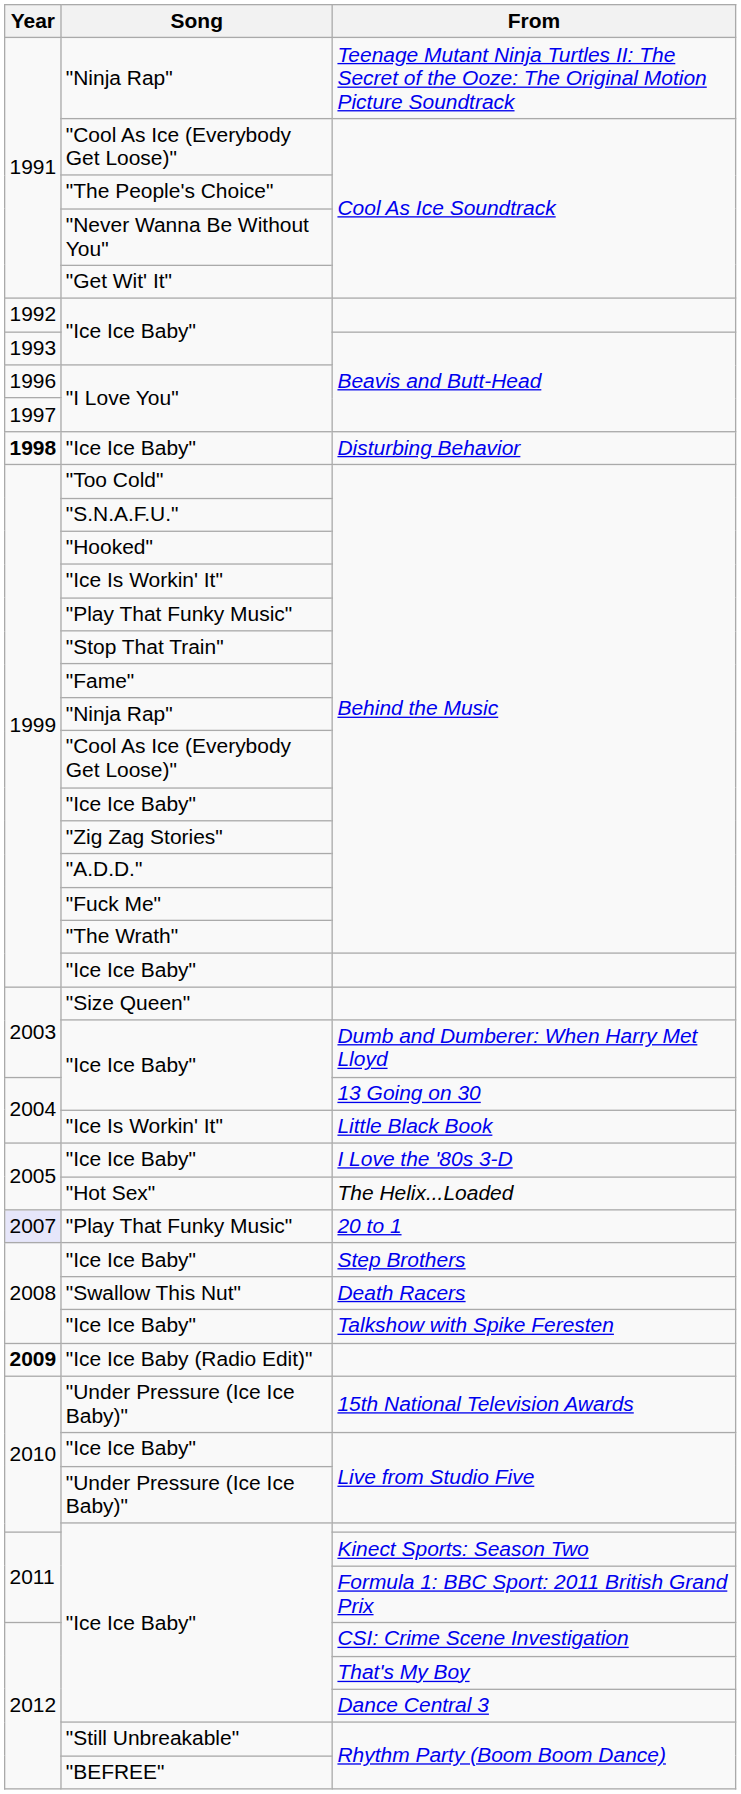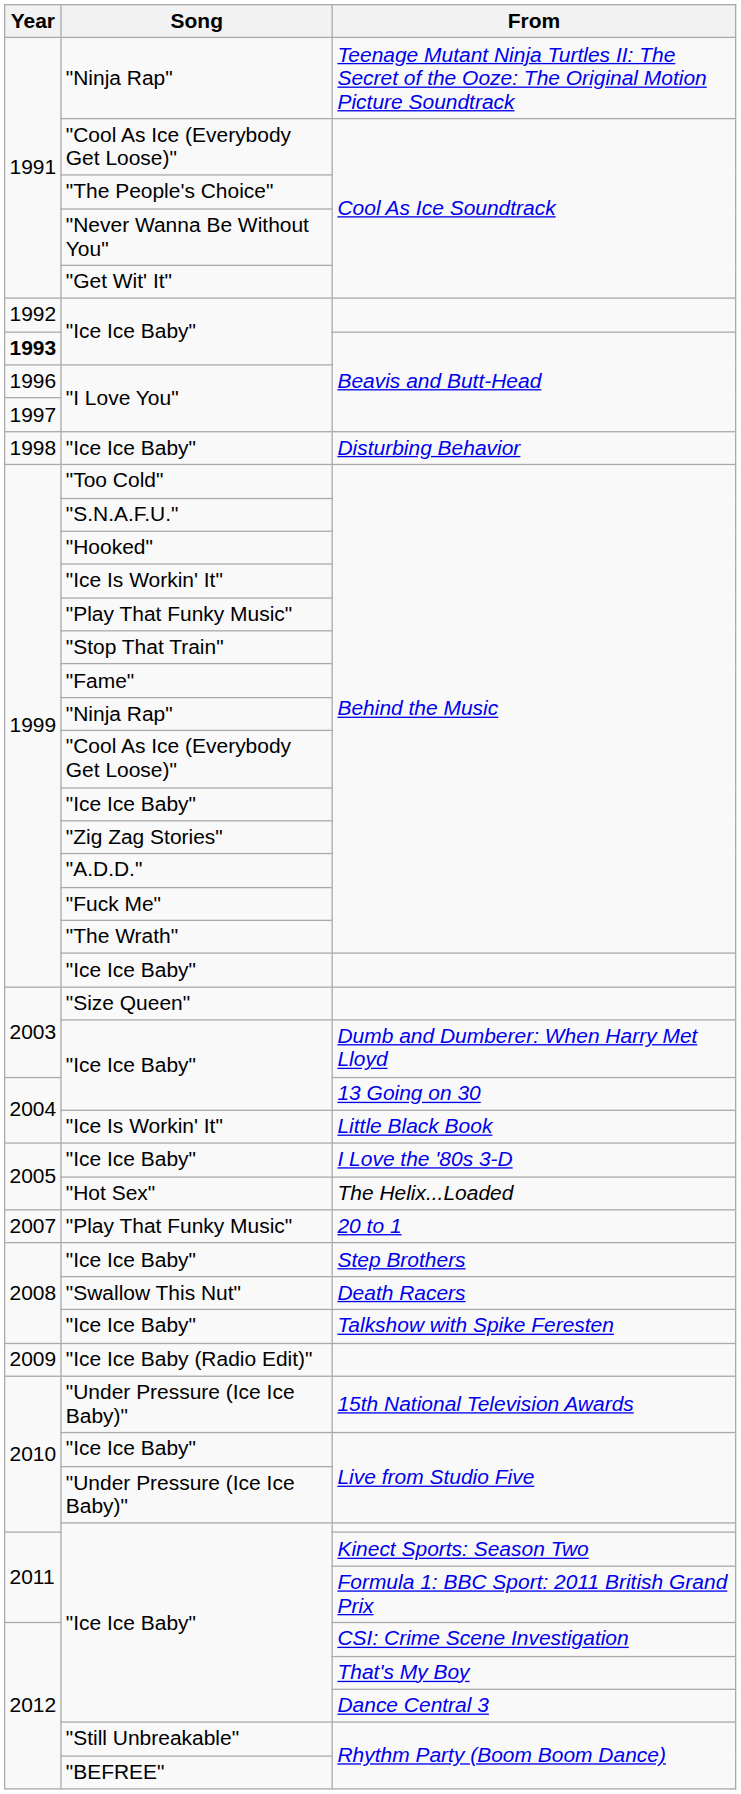 <table class="wikitable">
 <tr>
 <th width="33">Year</th>
 <th width="200">Song</th>
 <th width="300">From</th>
 </tr>
 <tr>
 <td rowspan="5">1991</td>
 <td>"Ninja Rap"</td>
 <td><em><a href='#'>Teenage Mutant Ninja Turtles II: The Secret of the Ooze: The Original Motion Picture Soundtrack</a></em></td>
 </tr>
 <tr>
 <td>"Cool As Ice (Everybody Get Loose)"</td>
 <td rowspan="4"><em><a href='#'>Cool As Ice Soundtrack</a></em></td>
 </tr>
 <tr>
 <td>"The People's Choice"</td>
 </tr>
 <tr>
 <td>"Never Wanna Be Without You"</td>
 </tr>
 <tr>
 <td>"Get Wit' It"</td>
 </tr>
 <tr>
 <td>1992</td>
 <td rowspan="2">"Ice Ice Baby"</td>
 <td><em></em></td>
 </tr>
 <tr>
-<td>1993</td>
+<td><strong>1993</strong></td>
 <td rowspan="3"><em><a href='#'>Beavis and Butt-Head</a></em></td>
 </tr>
 <tr>
 <td>1996</td>
 <td rowspan="2">"I Love You"</td>
 </tr>
 <tr>
 <td>1997</td>
 </tr>
 <tr>
-<td><strong>1998</strong></td>
+<td>1998</td>
 <td>"Ice Ice Baby"</td>
 <td><em><a href='#'>Disturbing Behavior</a></em></td>
 </tr>
 <tr>
 <td rowspan="15">1999</td>
 <td>"Too Cold"</td>
 <td rowspan="14"><em><a href='#'>Behind the Music</a></em></td>
 </tr>
 <tr>
 <td>"S.N.A.F.U."</td>
 </tr>
 <tr>
 <td>"Hooked"</td>
 </tr>
 <tr>
 <td>"Ice Is Workin' It"</td>
 </tr>
 <tr>
 <td>"Play That Funky Music"</td>
 </tr>
 <tr>
 <td>"Stop That Train"</td>
 </tr>
 <tr>
 <td>"Fame"</td>
 </tr>
 <tr>
 <td>"Ninja Rap"</td>
 </tr>
 <tr>
 <td>"Cool As Ice (Everybody Get Loose)"</td>
 </tr>
 <tr>
 <td>"Ice Ice Baby"</td>
 </tr>
 <tr>
 <td>"Zig Zag Stories"</td>
 </tr>
 <tr>
 <td>"A.D.D."</td>
 </tr>
 <tr>
 <td>"Fuck Me"</td>
 </tr>
 <tr>
 <td>"The Wrath"</td>
 </tr>
 <tr>
 <td>"Ice Ice Baby"</td>
 <td><em></em></td>
 </tr>
 <tr>
 <td rowspan="2">2003</td>
 <td>"Size Queen"</td>
 <td><em></em></td>
 </tr>
 <tr>
 <td rowspan="2">"Ice Ice Baby"</td>
 <td><em><a href='#'>Dumb and Dumberer: When Harry Met Lloyd</a></em></td>
 </tr>
 <tr>
 <td rowspan="2">2004</td>
 <td><em><a href='#'>13 Going on 30</a></em></td>
 </tr>
 <tr>
 <td>"Ice Is Workin' It"</td>
 <td><em><a href='#'>Little Black Book</a></em></td>
 </tr>
 <tr>
 <td rowspan="2">2005</td>
 <td>"Ice Ice Baby"</td>
 <td><em><a href='#'>I Love the '80s 3-D</a></em></td>
 </tr>
 <tr>
 <td>"Hot Sex"</td>
 <td><em>The Helix...Loaded</em></td>
 </tr>
 <tr>
-<td style="background: lavender;">2007</td>
+<td>2007</td>
 <td>"Play That Funky Music"</td>
 <td><em><a href='#'>20 to 1</a></em></td>
 </tr>
 <tr>
 <td rowspan="3">2008</td>
 <td>"Ice Ice Baby"</td>
 <td><em><a href='#'>Step Brothers</a></em></td>
 </tr>
 <tr>
 <td>"Swallow This Nut"</td>
 <td><em><a href='#'>Death Racers</a></em></td>
 </tr>
 <tr>
 <td>"Ice Ice Baby"</td>
 <td><em><a href='#'>Talkshow with Spike Feresten</a></em></td>
 </tr>
 <tr>
-<td><strong>2009</strong></td>
+<td>2009</td>
 <td>"Ice Ice Baby (Radio Edit)"</td>
 <td><em></em></td>
 </tr>
 <tr>
 <td rowspan="4">2010</td>
 <td>"Under Pressure (Ice Ice Baby)"</td>
 <td><em><a href='#'>15th National Television Awards</a></em></td>
 </tr>
 <tr>
 <td>"Ice Ice Baby"</td>
 <td rowspan="2"><em><a href='#'>Live from Studio Five</a></em></td>
 </tr>
 <tr>
 <td>"Under Pressure (Ice Ice Baby)"</td>
 </tr>
 <tr>
 <td rowspan="6">"Ice Ice Baby"</td>
 <td><em></em></td>
 </tr>
 <tr>
 <td rowspan="2">2011</td>
 <td><em><a href='#'>Kinect Sports: Season Two</a></em></td>
 </tr>
 <tr>
 <td><em><a href='#'>Formula 1: BBC Sport: 2011 British Grand Prix</a></em></td>
 </tr>
 <tr>
 <td rowspan="5">2012</td>
 <td><em><a href='#'>CSI: Crime Scene Investigation</a></em></td>
 </tr>
 <tr>
 <td><em><a href='#'>That's My Boy</a></em></td>
 </tr>
 <tr>
 <td><em><a href='#'>Dance Central 3</a></em></td>
 </tr>
 <tr>
 <td>"Still Unbreakable"</td>
 <td rowspan="2"><em><a href='#'>Rhythm Party (Boom Boom Dance)</a></em></td>
 </tr>
 <tr>
 <td>"BEFREE"</td>
 </tr>
 </table>
